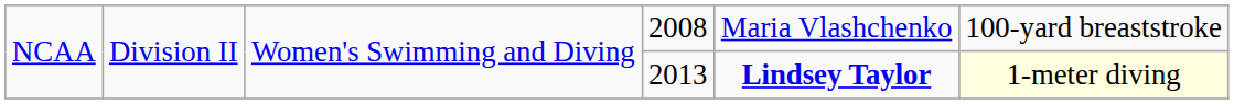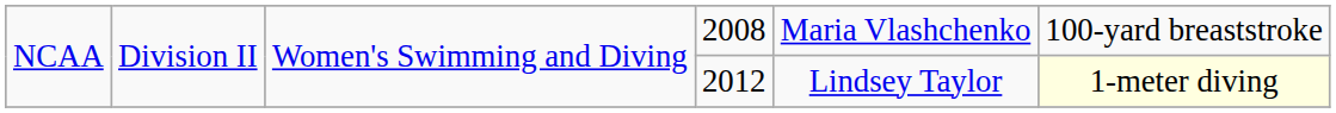 <table class="wikitable" style="text-align:center">
 <tr>
 <td rowspan="2"><a href='#'>NCAA</a></td>
 <td rowspan="2"><a href='#'>Division II</a></td>
 <td rowspan="2"><a href='#'>Women's Swimming and Diving</a></td>
 <td>2008</td>
 <td><a href='#'>Maria Vlashchenko</a></td>
 <td>100-yard breaststroke</td>
 </tr>
 <tr align="center">
-<td>2013</td>
-<td><strong><a href='#'>Lindsey Taylor</a></strong></td>
+<td>2012</td>
+<td><a href='#'>Lindsey Taylor</a></td>
 <td style="background: lightyellow;">1-meter diving</td>
 </tr>
 </table>
